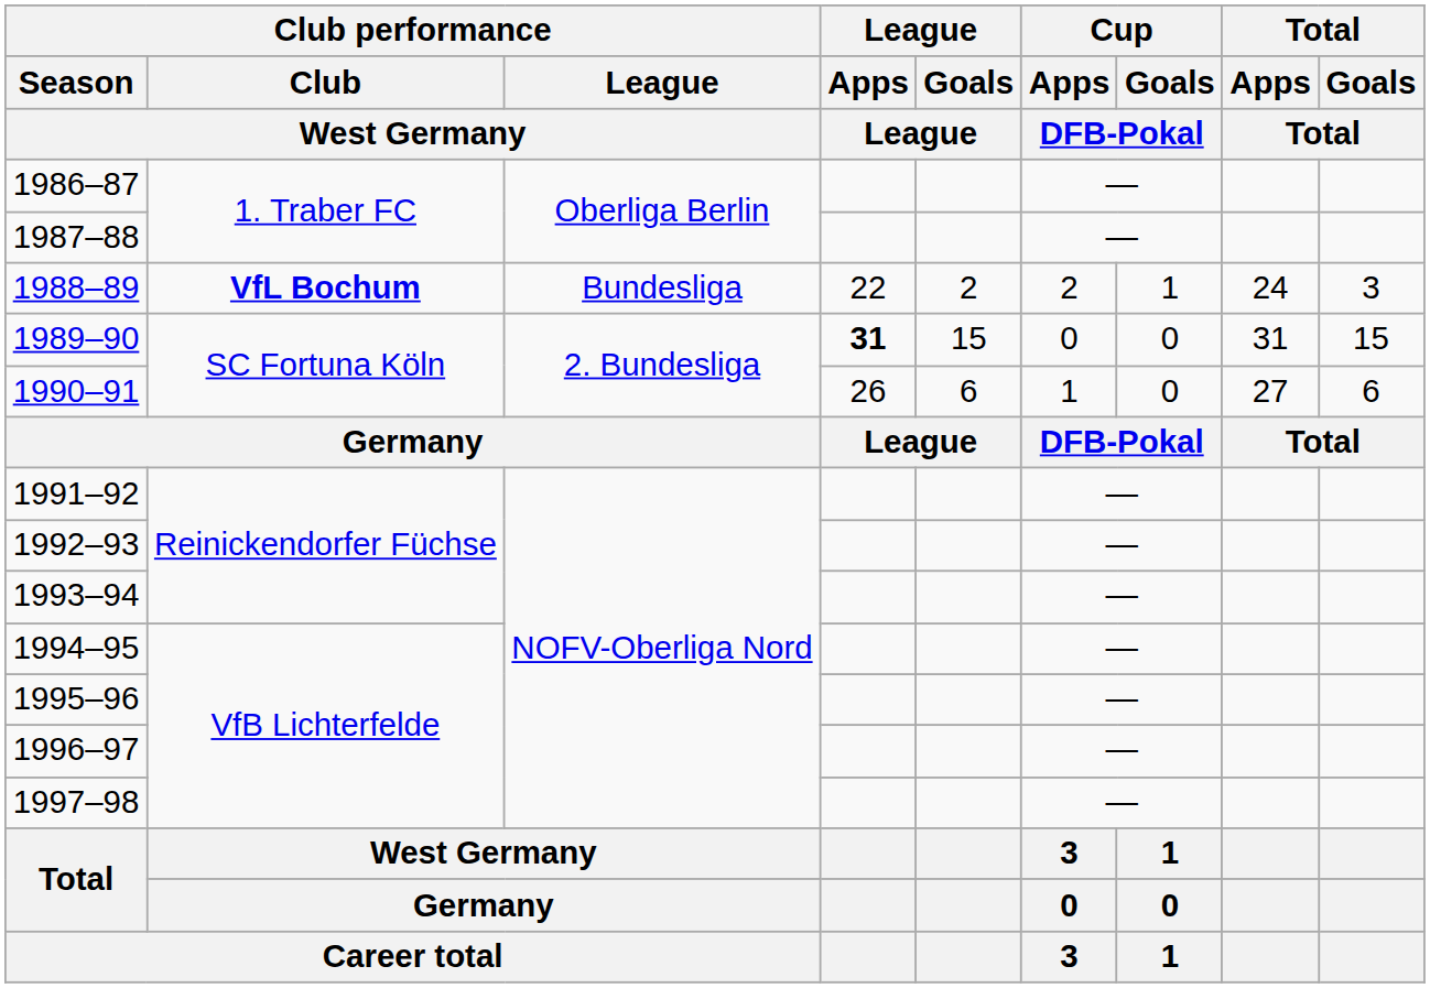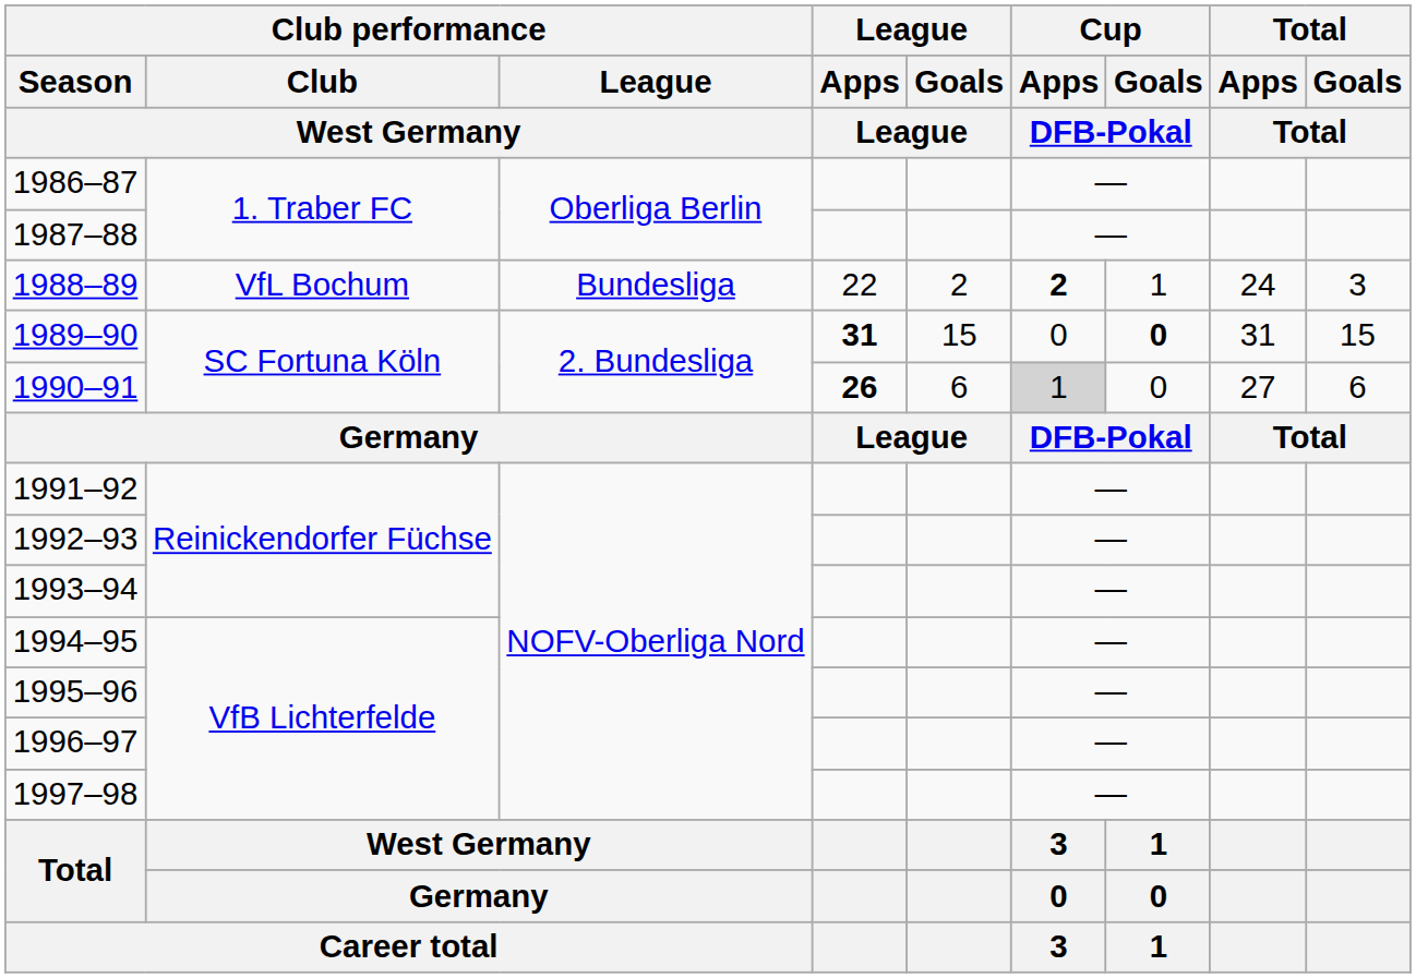 <table class="wikitable" style="text-align:center">
 <tr>
 <th colspan=3>Club performance</th>
 <th colspan=2>League</th>
 <th colspan=2>Cup</th>
 <th colspan=2>Total</th>
 </tr>
 <tr>
 <th>Season</th>
 <th>Club</th>
 <th>League</th>
 <th>Apps</th>
 <th>Goals</th>
 <th>Apps</th>
 <th>Goals</th>
 <th>Apps</th>
 <th>Goals</th>
 </tr>
 <tr>
 <th colspan=3>West Germany</th>
 <th colspan=2>League</th>
 <th colspan=2><a href='#'>DFB-Pokal</a></th>
 <th colspan=2>Total</th>
 </tr>
 <tr>
 <td>1986–87</td>
 <td rowspan="2"><a href='#'>1. Traber FC</a></td>
 <td rowspan="2"><a href='#'>Oberliga Berlin</a></td>
 <td></td>
 <td></td>
 <td colspan="2">—</td>
 <td></td>
 <td></td>
 </tr>
 <tr>
 <td>1987–88</td>
 <td></td>
 <td></td>
 <td colspan="2">—</td>
 <td></td>
 <td></td>
 </tr>
 <tr>
 <td><a href='#'>1988–89</a></td>
-<td><strong><a href='#'>VfL Bochum</a></strong></td>
+<td><a href='#'>VfL Bochum</a></td>
 <td><a href='#'>Bundesliga</a></td>
 <td>22</td>
 <td>2</td>
-<td>2</td>
+<td><strong>2</strong></td>
 <td>1</td>
 <td>24</td>
 <td>3</td>
 </tr>
 <tr>
 <td><a href='#'>1989–90</a></td>
 <td rowspan="2"><a href='#'>SC Fortuna Köln</a></td>
 <td rowspan="2"><a href='#'>2. Bundesliga</a></td>
 <td><strong>31</strong></td>
 <td>15</td>
 <td>0</td>
-<td>0</td>
+<td><strong>0</strong></td>
 <td>31</td>
 <td>15</td>
 </tr>
 <tr>
 <td><a href='#'>1990–91</a></td>
-<td>26</td>
+<td><strong>26</strong></td>
 <td>6</td>
-<td>1</td>
+<td style="background: lightgrey;">1</td>
 <td>0</td>
 <td>27</td>
 <td>6</td>
 </tr>
 <tr>
 <th colspan=3>Germany</th>
 <th colspan=2>League</th>
 <th colspan=2><a href='#'>DFB-Pokal</a></th>
 <th colspan=2>Total</th>
 </tr>
 <tr>
 <td>1991–92</td>
 <td rowspan="3"><a href='#'>Reinickendorfer Füchse</a></td>
 <td rowspan="7"><a href='#'>NOFV-Oberliga Nord</a></td>
 <td></td>
 <td></td>
 <td colspan="2">—</td>
 <td></td>
 <td></td>
 </tr>
 <tr>
 <td>1992–93</td>
 <td></td>
 <td></td>
 <td colspan="2">—</td>
 <td></td>
 <td></td>
 </tr>
 <tr>
 <td>1993–94</td>
 <td></td>
 <td></td>
 <td colspan="2">—</td>
 <td></td>
 <td></td>
 </tr>
 <tr>
 <td>1994–95</td>
 <td rowspan="4"><a href='#'>VfB Lichterfelde</a></td>
 <td></td>
 <td></td>
 <td colspan="2">—</td>
 <td></td>
 <td></td>
 </tr>
 <tr>
 <td>1995–96</td>
 <td></td>
 <td></td>
 <td colspan="2">—</td>
 <td></td>
 <td></td>
 </tr>
 <tr>
 <td>1996–97</td>
 <td></td>
 <td></td>
 <td colspan="2">—</td>
 <td></td>
 <td></td>
 </tr>
 <tr>
 <td>1997–98</td>
 <td></td>
 <td></td>
 <td colspan="2">—</td>
 <td></td>
 <td></td>
 </tr>
 <tr>
 <th rowspan=2>Total</th>
 <th colspan=2>West Germany</th>
 <th></th>
 <th></th>
 <th>3</th>
 <th>1</th>
 <th></th>
 <th></th>
 </tr>
 <tr>
 <th colspan=2>Germany</th>
 <th></th>
 <th></th>
 <th>0</th>
 <th>0</th>
 <th></th>
 <th></th>
 </tr>
 <tr>
 <th colspan=3>Career total</th>
 <th></th>
 <th></th>
 <th>3</th>
 <th>1</th>
 <th></th>
 <th></th>
 </tr>
 </table>
